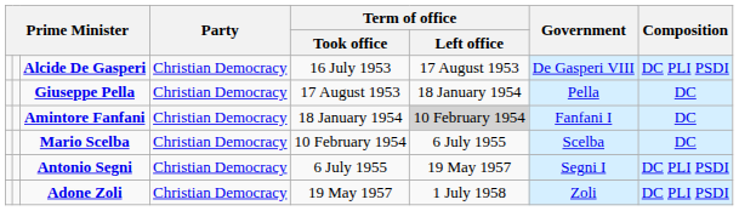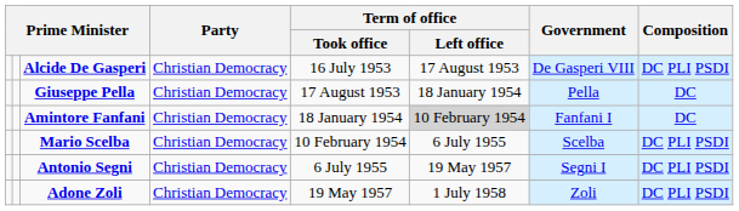 <table class="wikitable" style="text-align:center">
 <tr>
 <th colspan=3 rowspan=2>Prime Minister</th>
 <th rowspan=2>Party</th>
 <th colspan=2>Term of office</th>
 <th rowspan=2>Government</th>
 <th rowspan=2>Composition</th>
 </tr>
 <tr>
 <th>Took office</th>
 <th>Left office</th>
 </tr>
 <tr>
 <td style="background:"></td>
 <td></td>
 <td><strong><a href='#'>Alcide De Gasperi</a></strong><br></td>
 <td><a href='#'>Christian Democracy</a></td>
 <td class="nowrap">16 July 1953</td>
 <td class="nowrap">17 August 1953</td>
 <td bgcolor=#D5EFFF><a href='#'>De Gasperi VIII</a></td>
 <td bgcolor=#D5EFFF><a href='#'>DC</a>  <a href='#'>PLI</a>  <a href='#'>PSDI</a><br></td>
 </tr>
 <tr>
 <td style="background:"></td>
 <td></td>
 <td><strong><a href='#'>Giuseppe Pella</a></strong><br></td>
 <td><a href='#'>Christian Democracy</a></td>
 <td>17 August 1953</td>
 <td>18 January 1954</td>
 <td bgcolor=#D5EFFF><a href='#'>Pella</a></td>
 <td bgcolor=#D5EFFF><a href='#'>DC</a></td>
 </tr>
 <tr>
 <td style="background:"></td>
 <td></td>
 <td><strong><a href='#'>Amintore Fanfani</a></strong><br></td>
 <td><a href='#'>Christian Democracy</a></td>
 <td>18 January 1954</td>
 <td style="background: lightgrey;">10 February 1954</td>
 <td bgcolor=#D5EFFF><a href='#'>Fanfani I</a></td>
 <td bgcolor=#D5EFFF><a href='#'>DC</a></td>
 </tr>
 <tr>
 <td style="background:"></td>
 <td></td>
 <td><strong><a href='#'>Mario Scelba</a></strong><br></td>
 <td><a href='#'>Christian Democracy</a></td>
 <td>10 February 1954</td>
 <td>6 July 1955</td>
 <td bgcolor=#D5EFFF><a href='#'>Scelba</a></td>
-<td bgcolor=#D5EFFF><a href='#'>DC</a></td>
+<td bgcolor=#D5EFFF><a href='#'>DC</a>  <a href='#'>PLI</a>  <a href='#'>PSDI</a><br></td>
 </tr>
 <tr>
 <td style="background:"></td>
 <td></td>
 <td><strong><a href='#'>Antonio Segni</a></strong><br></td>
 <td><a href='#'>Christian Democracy</a></td>
 <td>6 July 1955</td>
 <td>19 May 1957</td>
 <td bgcolor=#D5EFFF><a href='#'>Segni I</a></td>
 <td bgcolor=#D5EFFF><a href='#'>DC</a>  <a href='#'>PLI</a>  <a href='#'>PSDI</a><br></td>
 </tr>
 <tr>
 <td style="background:"></td>
 <td></td>
 <td><strong><a href='#'>Adone Zoli</a></strong><br></td>
 <td><a href='#'>Christian Democracy</a></td>
 <td>19 May 1957</td>
 <td>1 July 1958</td>
 <td bgcolor=#D5EFFF><a href='#'>Zoli</a></td>
 <td bgcolor=#D5EFFF><a href='#'>DC</a>  <a href='#'>PLI</a>  <a href='#'>PSDI</a><br></td>
 </tr>
 </table>
